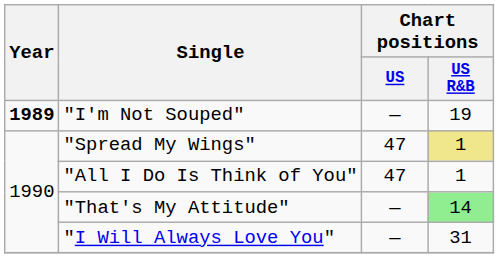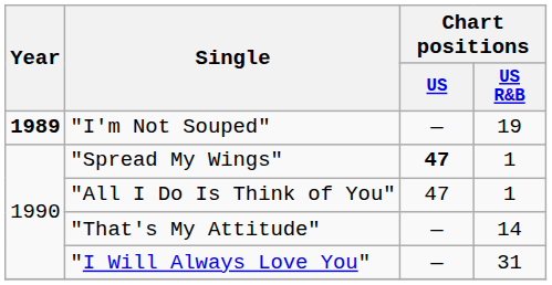 <table class="wikitable" style="text-align:center;">
 <tr>
 <th rowspan="2">Year</th>
 <th rowspan="2">Single</th>
 <th colspan="2">Chart positions</th>
 </tr>
 <tr style="font-size:smaller;">
 <th width="40"><a href='#'>US</a></th>
 <th width="40"><a href='#'>US<br>R&B</a></th>
 </tr>
 <tr>
 <td><strong>1989</strong></td>
 <td align="left">"I'm Not Souped"</td>
 <td>—</td>
 <td>19</td>
 </tr>
 <tr>
 <td rowspan="4">1990</td>
 <td align="left">"Spread My Wings"</td>
-<td>47</td>
-<td style="background: khaki;">1</td>
+<td><strong>47</strong></td>
+<td>1</td>
 </tr>
 <tr>
 <td align="left">"All I Do Is Think of You"</td>
 <td>47</td>
 <td>1</td>
 </tr>
 <tr>
 <td align="left">"That's My Attitude"</td>
 <td>—</td>
-<td style="background: lightgreen;">14</td>
+<td>14</td>
 </tr>
 <tr>
 <td align="left">"<a href='#'>I Will Always Love You</a>"</td>
 <td>—</td>
 <td>31</td>
 </tr>
 <tr>
 </tr>
 </table>
